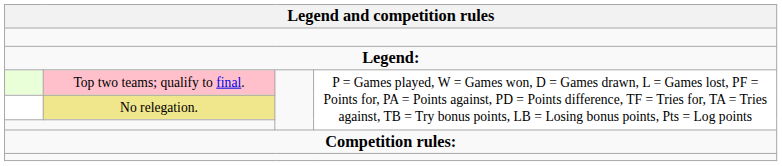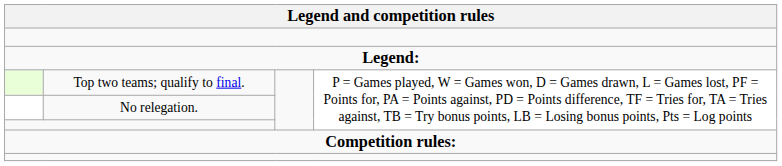 <table class="wikitable collapsible collapsed" style="text-align:center; line-height:100%; font-size:100%; width:60%;">
 <tr>
 <th colspan="4" style="border:0px">Legend and competition rules</th>
 </tr>
 <tr>
 <td colspan="4" style="height:10px"></td>
 </tr>
 <tr>
 <td colspan="4" style="border:0px"><strong>Legend:</strong></td>
 </tr>
 <tr>
 <td style="height:10px; width:5%; background:#E8FFD8;"></td>
-<td style="background: pink; width:30%;"><small>Top two teams; qualify to <a href='#'>final</a>.</small></td>
+<td style="width:30%;"><small>Top two teams; qualify to <a href='#'>final</a>.</small></td>
 <td rowspan="3" style="width:5%;"></td>
 <td rowspan="3" style="width:60%; background:#FFFFFF;"><small>P = Games played, W = Games won, D = Games drawn, L = Games lost, PF = Points for, PA = Points against, PD = Points difference, TF = Tries for, TA = Tries against, TB = Try bonus points, LB = Losing bonus points, Pts = Log points</small></td>
 </tr>
 <tr>
 <td style="height:10px; width:5%; background:#FFFFFF;"></td>
-<td style="background: khaki;"><small>No relegation.</small></td>
+<td><small>No relegation.</small></td>
 </tr>
 <tr>
 <td colspan="2"></td>
 </tr>
 <tr>
 <td colspan="4" style="border:0px"><strong>Competition rules:</strong></td>
 </tr>
 <tr>
 <td colspan="4"></td>
 </tr>
 </table>
